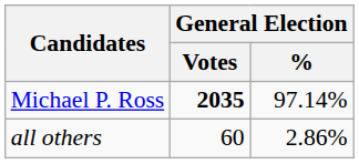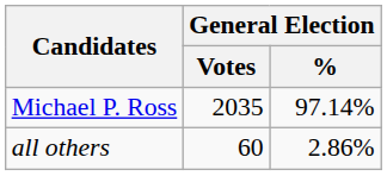 <table class=wikitable>
 <tr>
 <th colspan=1 rowspan=2><strong>Candidates</strong></th>
 <th colspan=2><strong>General Election</strong></th>
 </tr>
 <tr>
 <th>Votes</th>
 <th>%</th>
 </tr>
 <tr>
 <td><a href='#'>Michael P. Ross</a></td>
-<td align="right"><strong>2035</strong></td>
+<td align="right">2035</td>
 <td align="right">97.14%</td>
 </tr>
 <tr>
 <td><em>all others</em></td>
 <td align="right">60</td>
 <td align="right">2.86%</td>
 </tr>
 </table>
